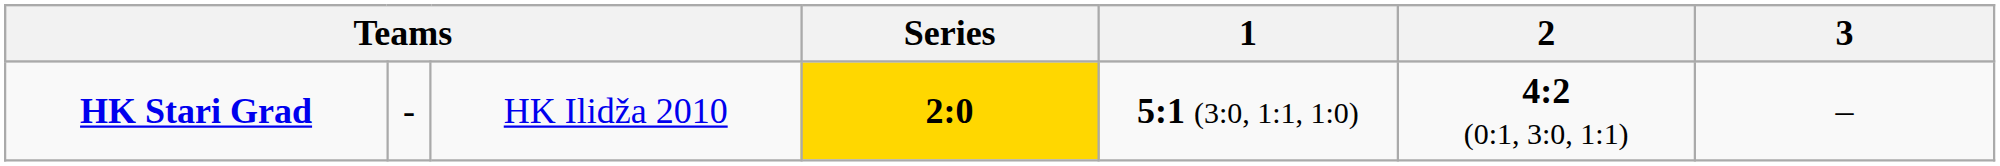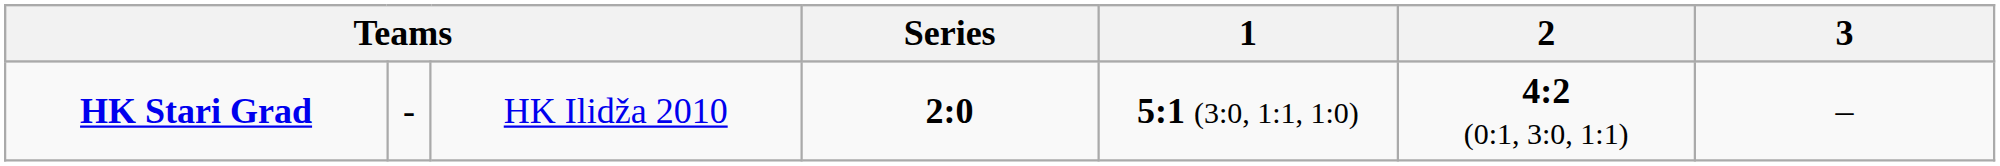 <table class="wikitable" style="width:70%; text-align:center">
 <tr style="background-color:#c0c0c0">
 <th style="width:40%" colspan=3>Teams</th>
 <th style="width:15%">Series</th>
 <th style="width:15%">1</th>
 <th style="width:15%">2</th>
 <th style="width:15%">3</th>
 </tr>
 <tr>
 <td><strong><a href='#'>HK Stari Grad</a></strong></td>
 <td>-</td>
 <td><a href='#'>HK Ilidža 2010</a></td>
-<td style="background: gold;"><strong>2:0</strong></td>
+<td><strong>2:0</strong></td>
 <td><strong>5:1</strong> <small>(3:0, 1:1, 1:0)</small></td>
 <td><strong>4:2</strong> <br> <small>(0:1, 3:0, 1:1)</small></td>
 <td>–</td>
 </tr>
 </table>
